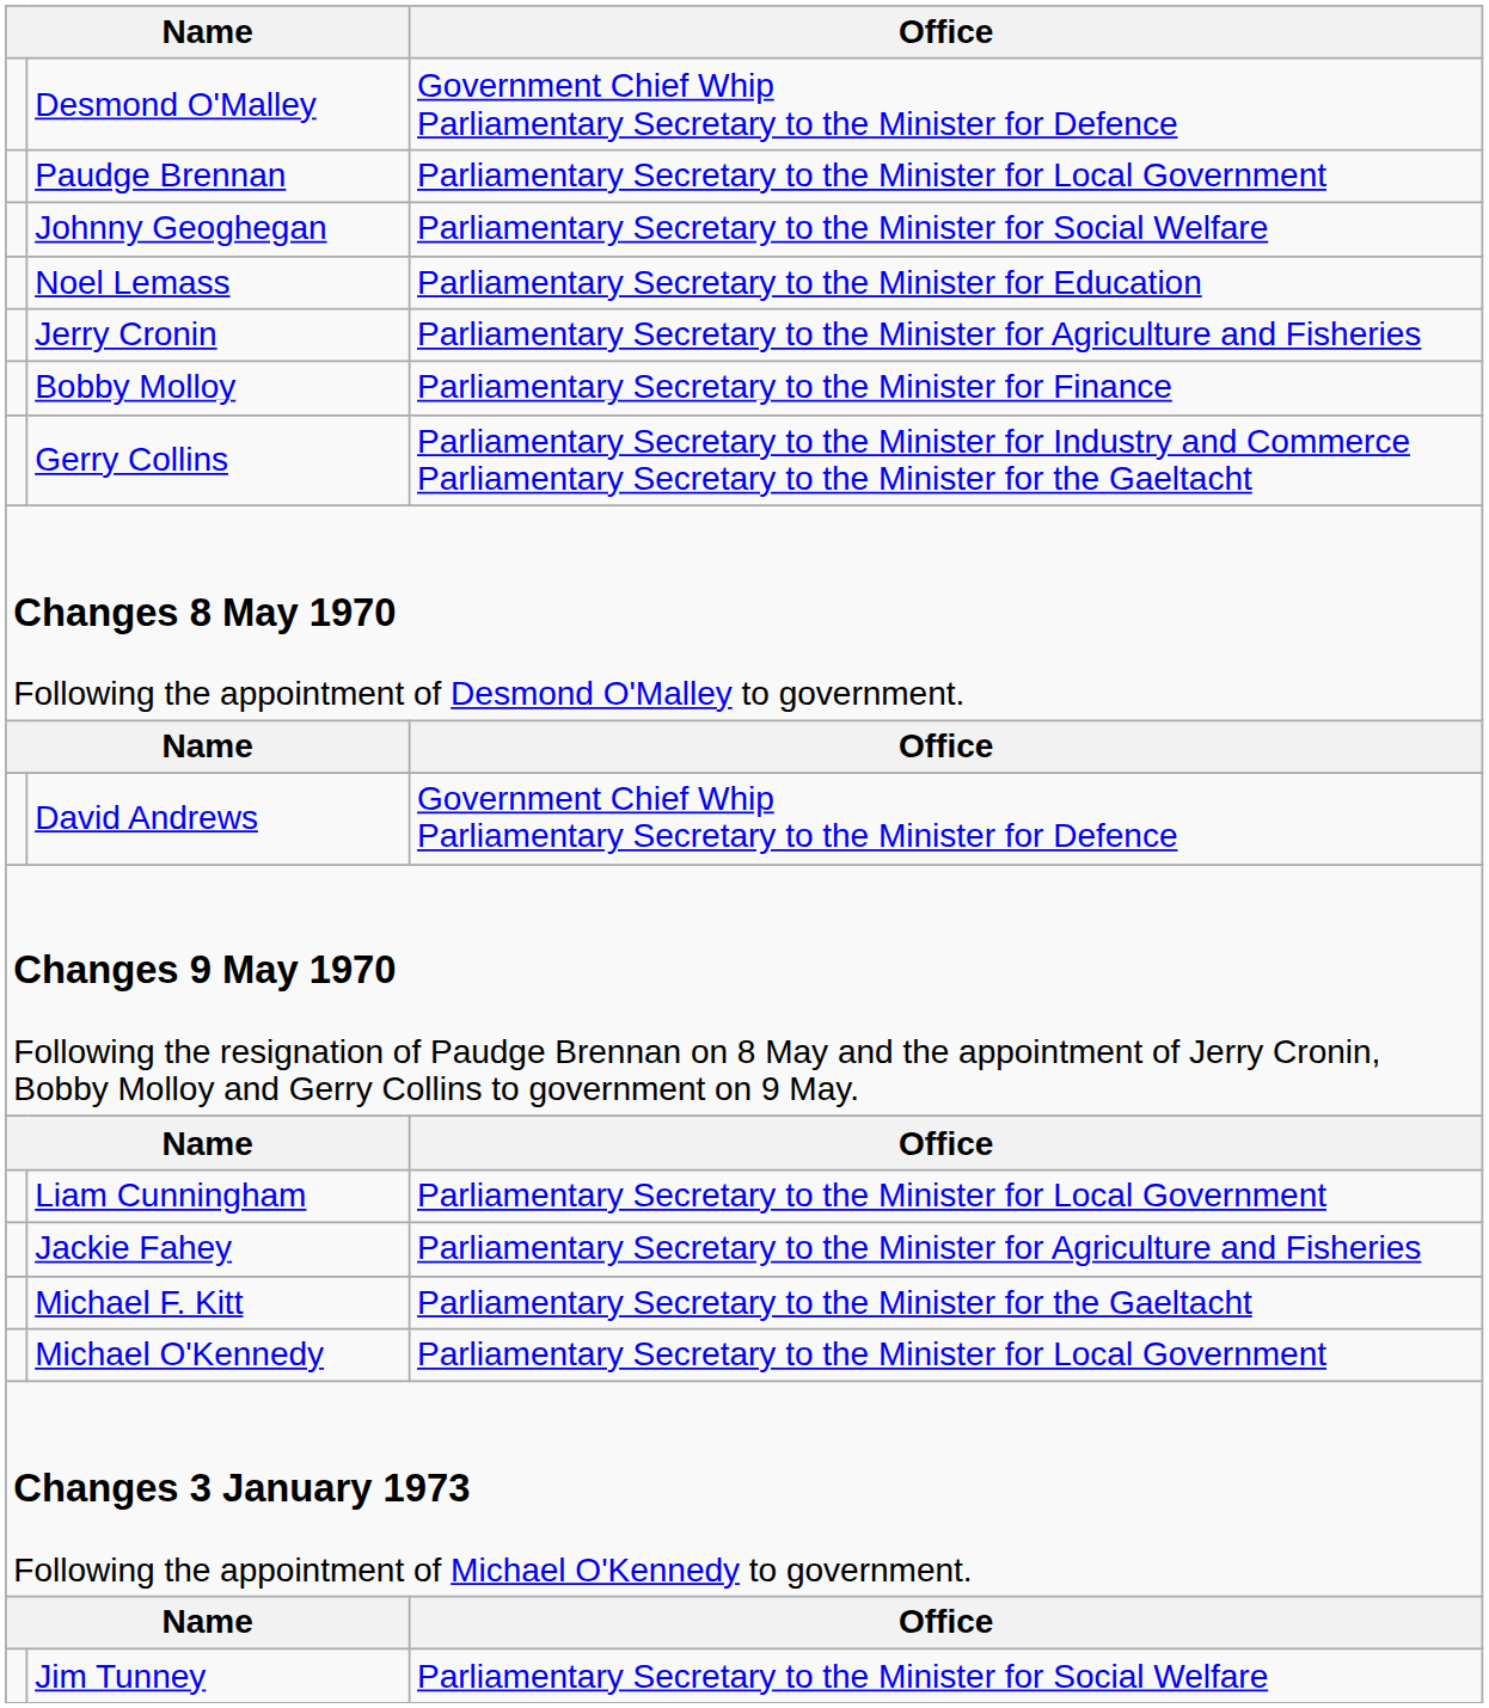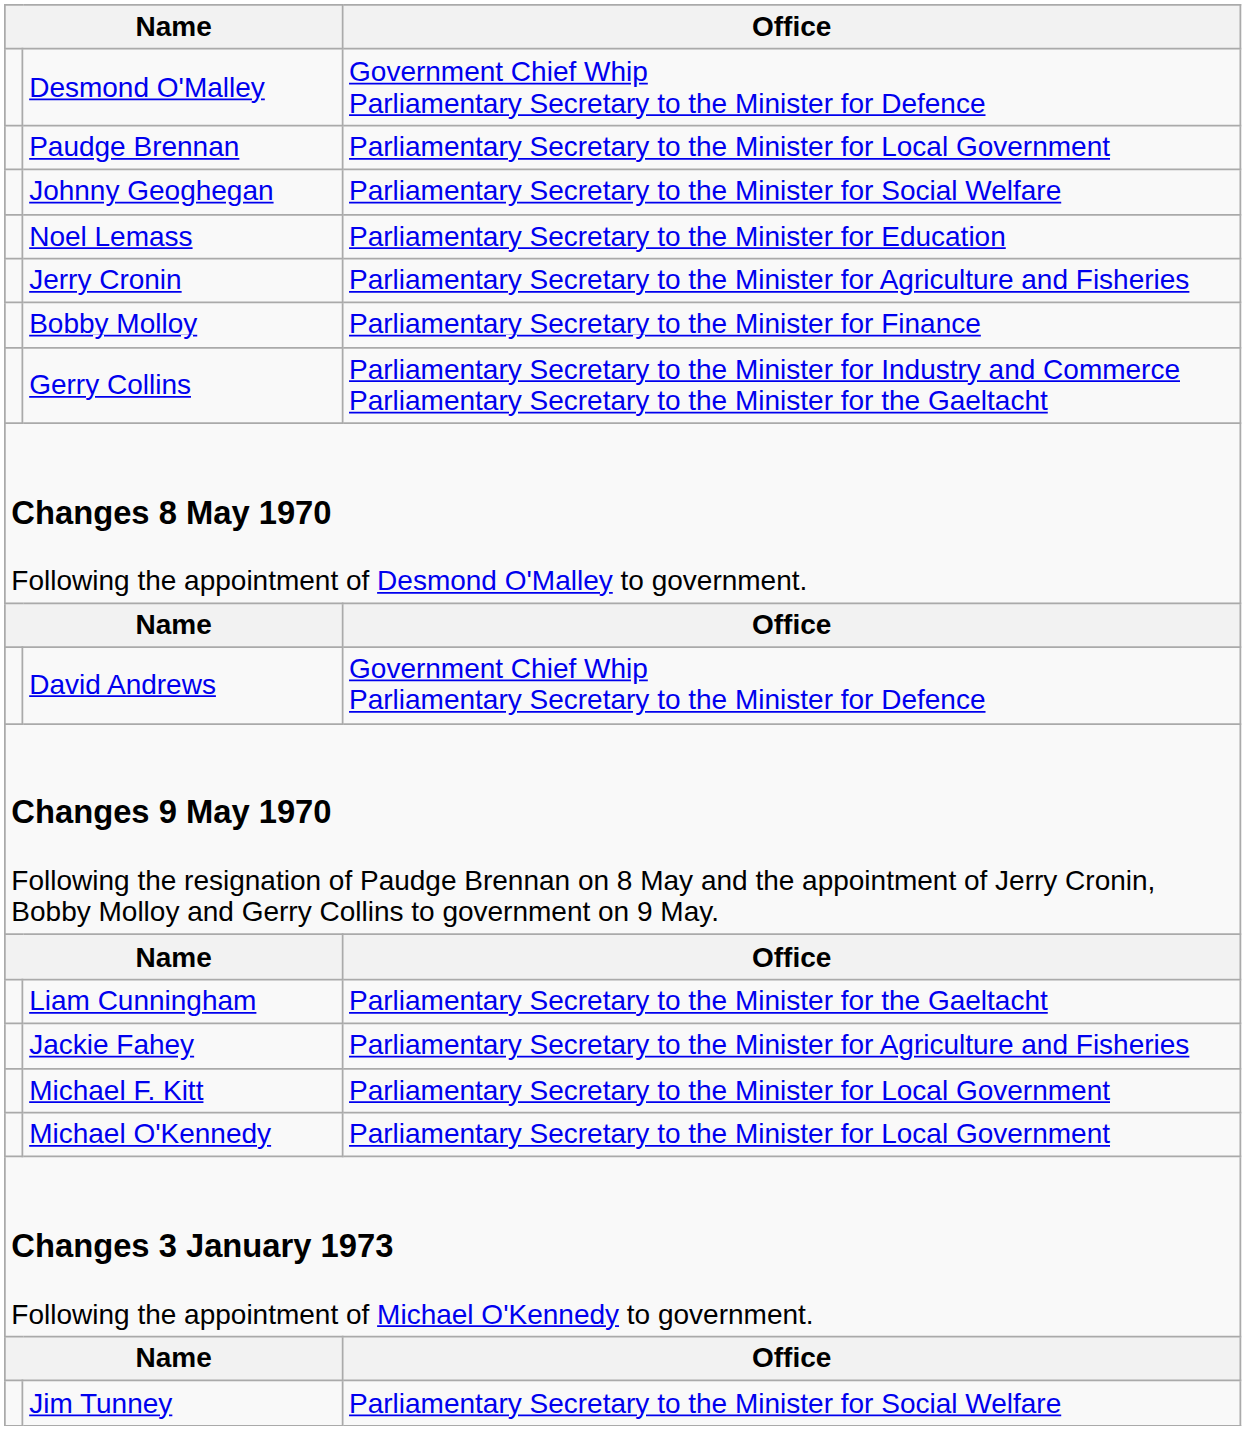 <table class="wikitable" width=80%>
 <tr>
 <th colspan="2">Name</th>
 <th>Office</th>
 </tr>
 <tr>
 <td style="background-color: "></td>
 <td><a href='#'>Desmond O'Malley</a></td>
 <td><a href='#'>Government Chief Whip</a><br><a href='#'>Parliamentary Secretary to the Minister for Defence</a></td>
 </tr>
 <tr>
 <td style="background-color: "></td>
 <td><a href='#'>Paudge Brennan</a></td>
 <td><a href='#'>Parliamentary Secretary to the Minister for Local Government</a></td>
 </tr>
 <tr>
 <td style="background-color: "></td>
 <td><a href='#'>Johnny Geoghegan</a></td>
 <td><a href='#'>Parliamentary Secretary to the Minister for Social Welfare</a></td>
 </tr>
 <tr>
 <td style="background-color: "></td>
 <td><a href='#'>Noel Lemass</a></td>
 <td><a href='#'>Parliamentary Secretary to the Minister for Education</a></td>
 </tr>
 <tr>
 <td style="background-color: "></td>
 <td><a href='#'>Jerry Cronin</a></td>
 <td><a href='#'>Parliamentary Secretary to the Minister for Agriculture and Fisheries</a></td>
 </tr>
 <tr>
 <td style="background-color: "></td>
 <td><a href='#'>Bobby Molloy</a></td>
 <td><a href='#'>Parliamentary Secretary to the Minister for Finance</a></td>
 </tr>
 <tr>
 <td style="background-color: "></td>
 <td><a href='#'>Gerry Collins</a></td>
 <td><a href='#'>Parliamentary Secretary to the Minister for Industry and Commerce</a><br><a href='#'>Parliamentary Secretary to the Minister for the Gaeltacht</a></td>
 </tr>
 <tr>
 <td colspan="3"><br><h3>Changes 8 May 1970</h3>Following the appointment of <a href='#'>Desmond O'Malley</a> to government.</td>
 </tr>
 <tr>
 <th colspan="2">Name</th>
 <th>Office</th>
 </tr>
 <tr>
 <td style="background-color: "></td>
 <td><a href='#'>David Andrews</a></td>
 <td><a href='#'>Government Chief Whip</a><br><a href='#'>Parliamentary Secretary to the Minister for Defence</a></td>
 </tr>
 <tr>
 <td colspan="3"><br><h3>Changes 9 May 1970</h3>Following the resignation of Paudge Brennan on 8 May and the appointment of Jerry Cronin, Bobby Molloy and Gerry Collins to government on 9 May.</td>
 </tr>
 <tr>
 <th colspan="2">Name</th>
 <th>Office</th>
 </tr>
 <tr>
 <td style="background-color: "></td>
 <td><a href='#'>Liam Cunningham</a></td>
-<td><a href='#'>Parliamentary Secretary to the Minister for Local Government</a></td>
+<td><a href='#'>Parliamentary Secretary to the Minister for the Gaeltacht</a></td>
 </tr>
 <tr>
 <td style="background-color: "></td>
 <td><a href='#'>Jackie Fahey</a></td>
 <td><a href='#'>Parliamentary Secretary to the Minister for Agriculture and Fisheries</a></td>
 </tr>
 <tr>
 <td style="background-color: "></td>
 <td><a href='#'>Michael F. Kitt</a></td>
-<td><a href='#'>Parliamentary Secretary to the Minister for the Gaeltacht</a></td>
+<td><a href='#'>Parliamentary Secretary to the Minister for Local Government</a></td>
 </tr>
 <tr>
 <td style="background-color: "></td>
 <td><a href='#'>Michael O'Kennedy</a></td>
 <td><a href='#'>Parliamentary Secretary to the Minister for Local Government</a></td>
 </tr>
 <tr>
 <td colspan="3"><br><h3>Changes 3 January 1973</h3>Following the appointment of <a href='#'>Michael O'Kennedy</a> to government.</td>
 </tr>
 <tr>
 <th colspan="2">Name</th>
 <th>Office</th>
 </tr>
 <tr>
 <td style="background-color: "></td>
 <td><a href='#'>Jim Tunney</a></td>
 <td><a href='#'>Parliamentary Secretary to the Minister for Social Welfare</a></td>
 </tr>
 </table>
